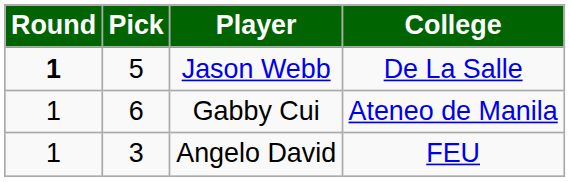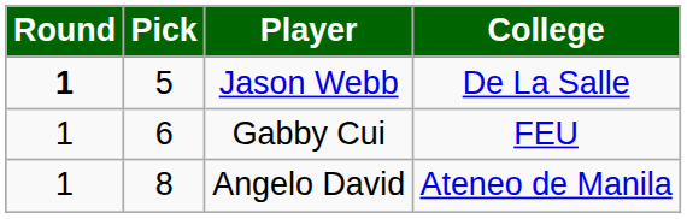 <table class="wikitable sortable sortable">
 <tr>
 <th style="background:#006401; color:#FFFFFF; ">Round</th>
 <th style="background:#006401; color:#FFFFFF; ">Pick</th>
 <th style="background:#006401; color:#FFFFFF; ">Player</th>
 <th style="background:#006401; color:#FFFFFF; ">College</th>
 </tr>
 <tr style="text-align: center">
 <td align="center"><strong>1</strong></td>
 <td align="center">5</td>
 <td><a href='#'>Jason Webb</a></td>
 <td><a href='#'>De La Salle</a></td>
 </tr>
 <tr style="text-align: center">
 <td align="center">1</td>
 <td align="center">6</td>
 <td>Gabby Cui</td>
-<td><a href='#'>Ateneo de Manila</a></td>
+<td><a href='#'>FEU</a></td>
 </tr>
 <tr style="text-align: center">
 <td align="center">1</td>
-<td align="center">3</td>
+<td align="center">8</td>
 <td>Angelo David</td>
-<td><a href='#'>FEU</a></td>
+<td><a href='#'>Ateneo de Manila</a></td>
 </tr>
 </table>
